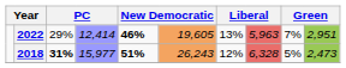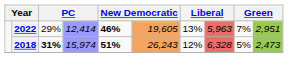 <table class="wikitable" style="float:right; width:400; font-size:90%; margin-left:1em;">
 <tr>
 <th colspan="2" scope="col">Year</th>
 <th colspan="2" scope="col"><a href='#'>PC</a></th>
 <th colspan="2" scope="col"><a href='#'>New Democratic</a></th>
 <th colspan="2" scope="col"><a href='#'>Liberal</a></th>
 <th colspan="2" scope="col"><a href='#'>Green</a></th>
 </tr>
 <tr>
 <td rowspan="2" style="width: 0.25em; background-color: "></td>
 <th><a href='#'>2022</a></th>
 <td>29%</td>
 <td style="text-align:right; background:#9999FF;"><em>12,414</em></td>
 <td><strong>46%</strong></td>
 <td style="text-align:right; background:#F4A460;"><em>19,605</em></td>
 <td>13%</td>
 <td style="text-align:right; background:#EA6D6A;"><em>5,963</em></td>
 <td>7%</td>
 <td style="text-align:right; background:#99C955;"><em>2,951</em></td>
 </tr>
 <tr>
 <th><a href='#'>2018</a></th>
 <td><strong>31%</strong></td>
-<td style="text-align:right; background:#9999FF;"><em>15,977</em></td>
+<td style="text-align:right; background:#9999FF;"><em>15,974</em></td>
 <td><strong>51%</strong></td>
 <td style="text-align:right; background:#F4A460;"><em>26,243</em></td>
 <td>12%</td>
 <td style="text-align:right; background:#EA6D6A;"><em>6,328</em></td>
 <td>5%</td>
 <td style="text-align:right; background:#99C955;"><em>2,473</em></td>
 </tr>
 <tr>
 </tr>
 </table>
